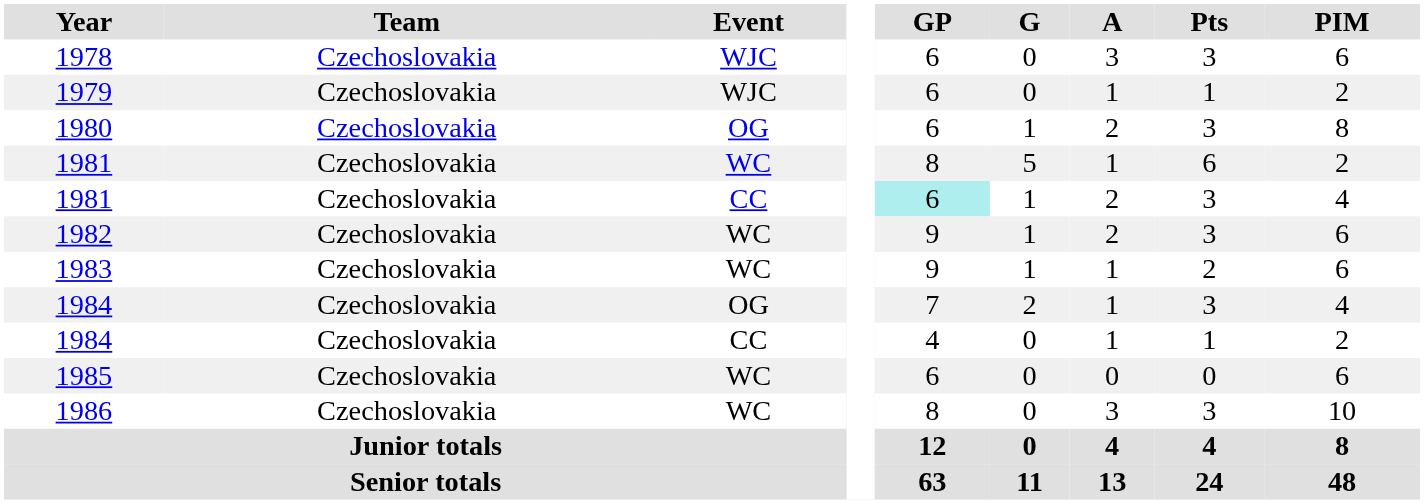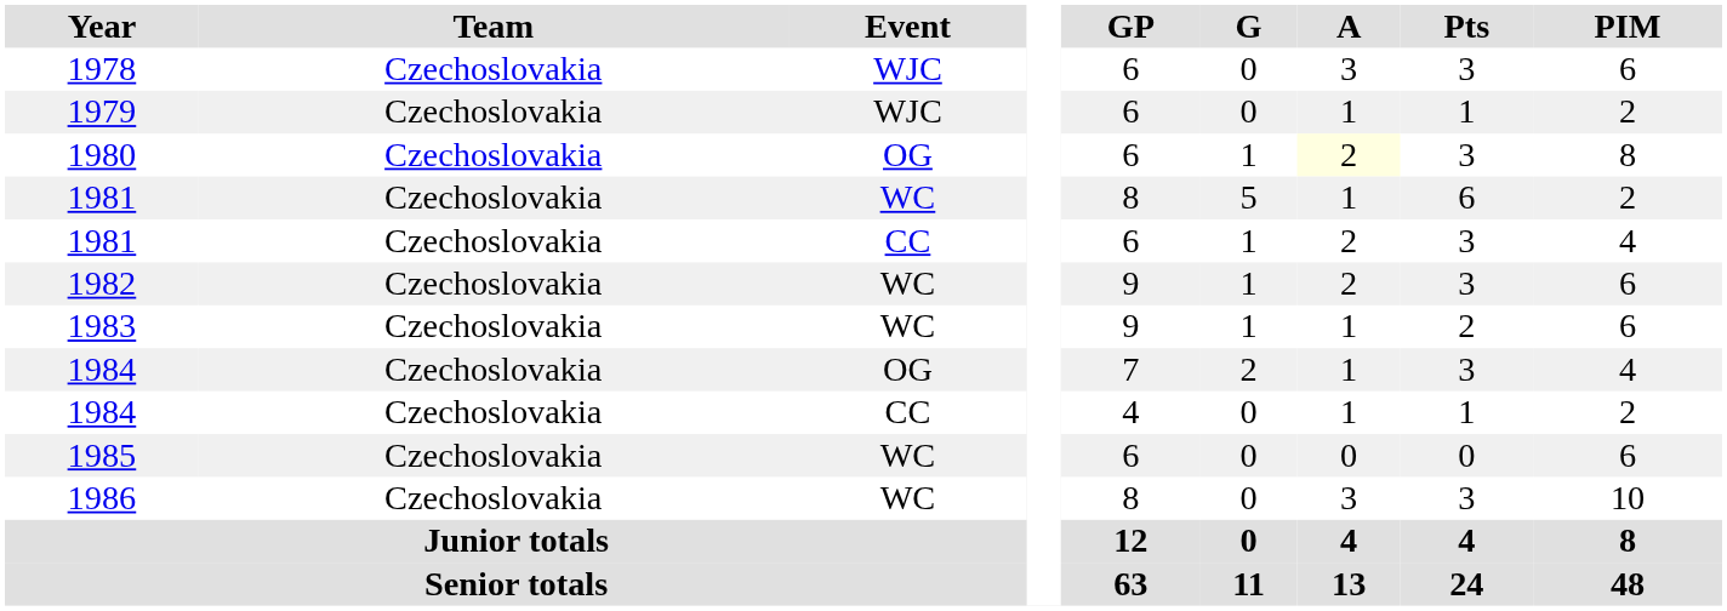 <table border="0" cellpadding="1" cellspacing="0" style="text-align:center; width:50em">
 <tr ALIGN="center" bgcolor="#e0e0e0">
 <th>Year</th>
 <th>Team</th>
 <th>Event</th>
 <th rowspan="99" bgcolor="#ffffff"> </th>
 <th>GP</th>
 <th>G</th>
 <th>A</th>
 <th>Pts</th>
 <th>PIM</th>
 </tr>
 <tr>
 <td><a href='#'>1978</a></td>
 <td><a href='#'>Czechoslovakia</a></td>
 <td><a href='#'>WJC</a></td>
 <td>6</td>
 <td>0</td>
 <td>3</td>
 <td>3</td>
 <td>6</td>
 </tr>
 <tr bgcolor="#f0f0f0">
 <td><a href='#'>1979</a></td>
 <td>Czechoslovakia</td>
 <td>WJC</td>
 <td>6</td>
 <td>0</td>
 <td>1</td>
 <td>1</td>
 <td>2</td>
 </tr>
 <tr>
 <td><a href='#'>1980</a></td>
 <td><a href='#'>Czechoslovakia</a></td>
 <td><a href='#'>OG</a></td>
 <td>6</td>
 <td>1</td>
-<td>2</td>
+<td style="background: lightyellow;">2</td>
 <td>3</td>
 <td>8</td>
 </tr>
 <tr bgcolor="#f0f0f0">
 <td><a href='#'>1981</a></td>
 <td>Czechoslovakia</td>
 <td><a href='#'>WC</a></td>
 <td>8</td>
 <td>5</td>
 <td>1</td>
 <td>6</td>
 <td>2</td>
 </tr>
 <tr>
 <td><a href='#'>1981</a></td>
 <td>Czechoslovakia</td>
 <td><a href='#'>CC</a></td>
-<td style="background: paleturquoise;">6</td>
+<td>6</td>
 <td>1</td>
 <td>2</td>
 <td>3</td>
 <td>4</td>
 </tr>
 <tr bgcolor="#f0f0f0">
 <td><a href='#'>1982</a></td>
 <td>Czechoslovakia</td>
 <td>WC</td>
 <td>9</td>
 <td>1</td>
 <td>2</td>
 <td>3</td>
 <td>6</td>
 </tr>
 <tr>
 <td><a href='#'>1983</a></td>
 <td>Czechoslovakia</td>
 <td>WC</td>
 <td>9</td>
 <td>1</td>
 <td>1</td>
 <td>2</td>
 <td>6</td>
 </tr>
 <tr bgcolor="#f0f0f0">
 <td><a href='#'>1984</a></td>
 <td>Czechoslovakia</td>
 <td>OG</td>
 <td>7</td>
 <td>2</td>
 <td>1</td>
 <td>3</td>
 <td>4</td>
 </tr>
 <tr>
 <td><a href='#'>1984</a></td>
 <td>Czechoslovakia</td>
 <td>CC</td>
 <td>4</td>
 <td>0</td>
 <td>1</td>
 <td>1</td>
 <td>2</td>
 </tr>
 <tr bgcolor="#f0f0f0">
 <td><a href='#'>1985</a></td>
 <td>Czechoslovakia</td>
 <td>WC</td>
 <td>6</td>
 <td>0</td>
 <td>0</td>
 <td>0</td>
 <td>6</td>
 </tr>
 <tr>
 <td><a href='#'>1986</a></td>
 <td>Czechoslovakia</td>
 <td>WC</td>
 <td>8</td>
 <td>0</td>
 <td>3</td>
 <td>3</td>
 <td>10</td>
 </tr>
 <tr bgcolor="#e0e0e0">
 <th colspan=3>Junior totals</th>
 <th>12</th>
 <th>0</th>
 <th>4</th>
 <th>4</th>
 <th>8</th>
 </tr>
 <tr bgcolor="#e0e0e0">
 <th colspan=3>Senior totals</th>
 <th>63</th>
 <th>11</th>
 <th>13</th>
 <th>24</th>
 <th>48</th>
 </tr>
 </table>
